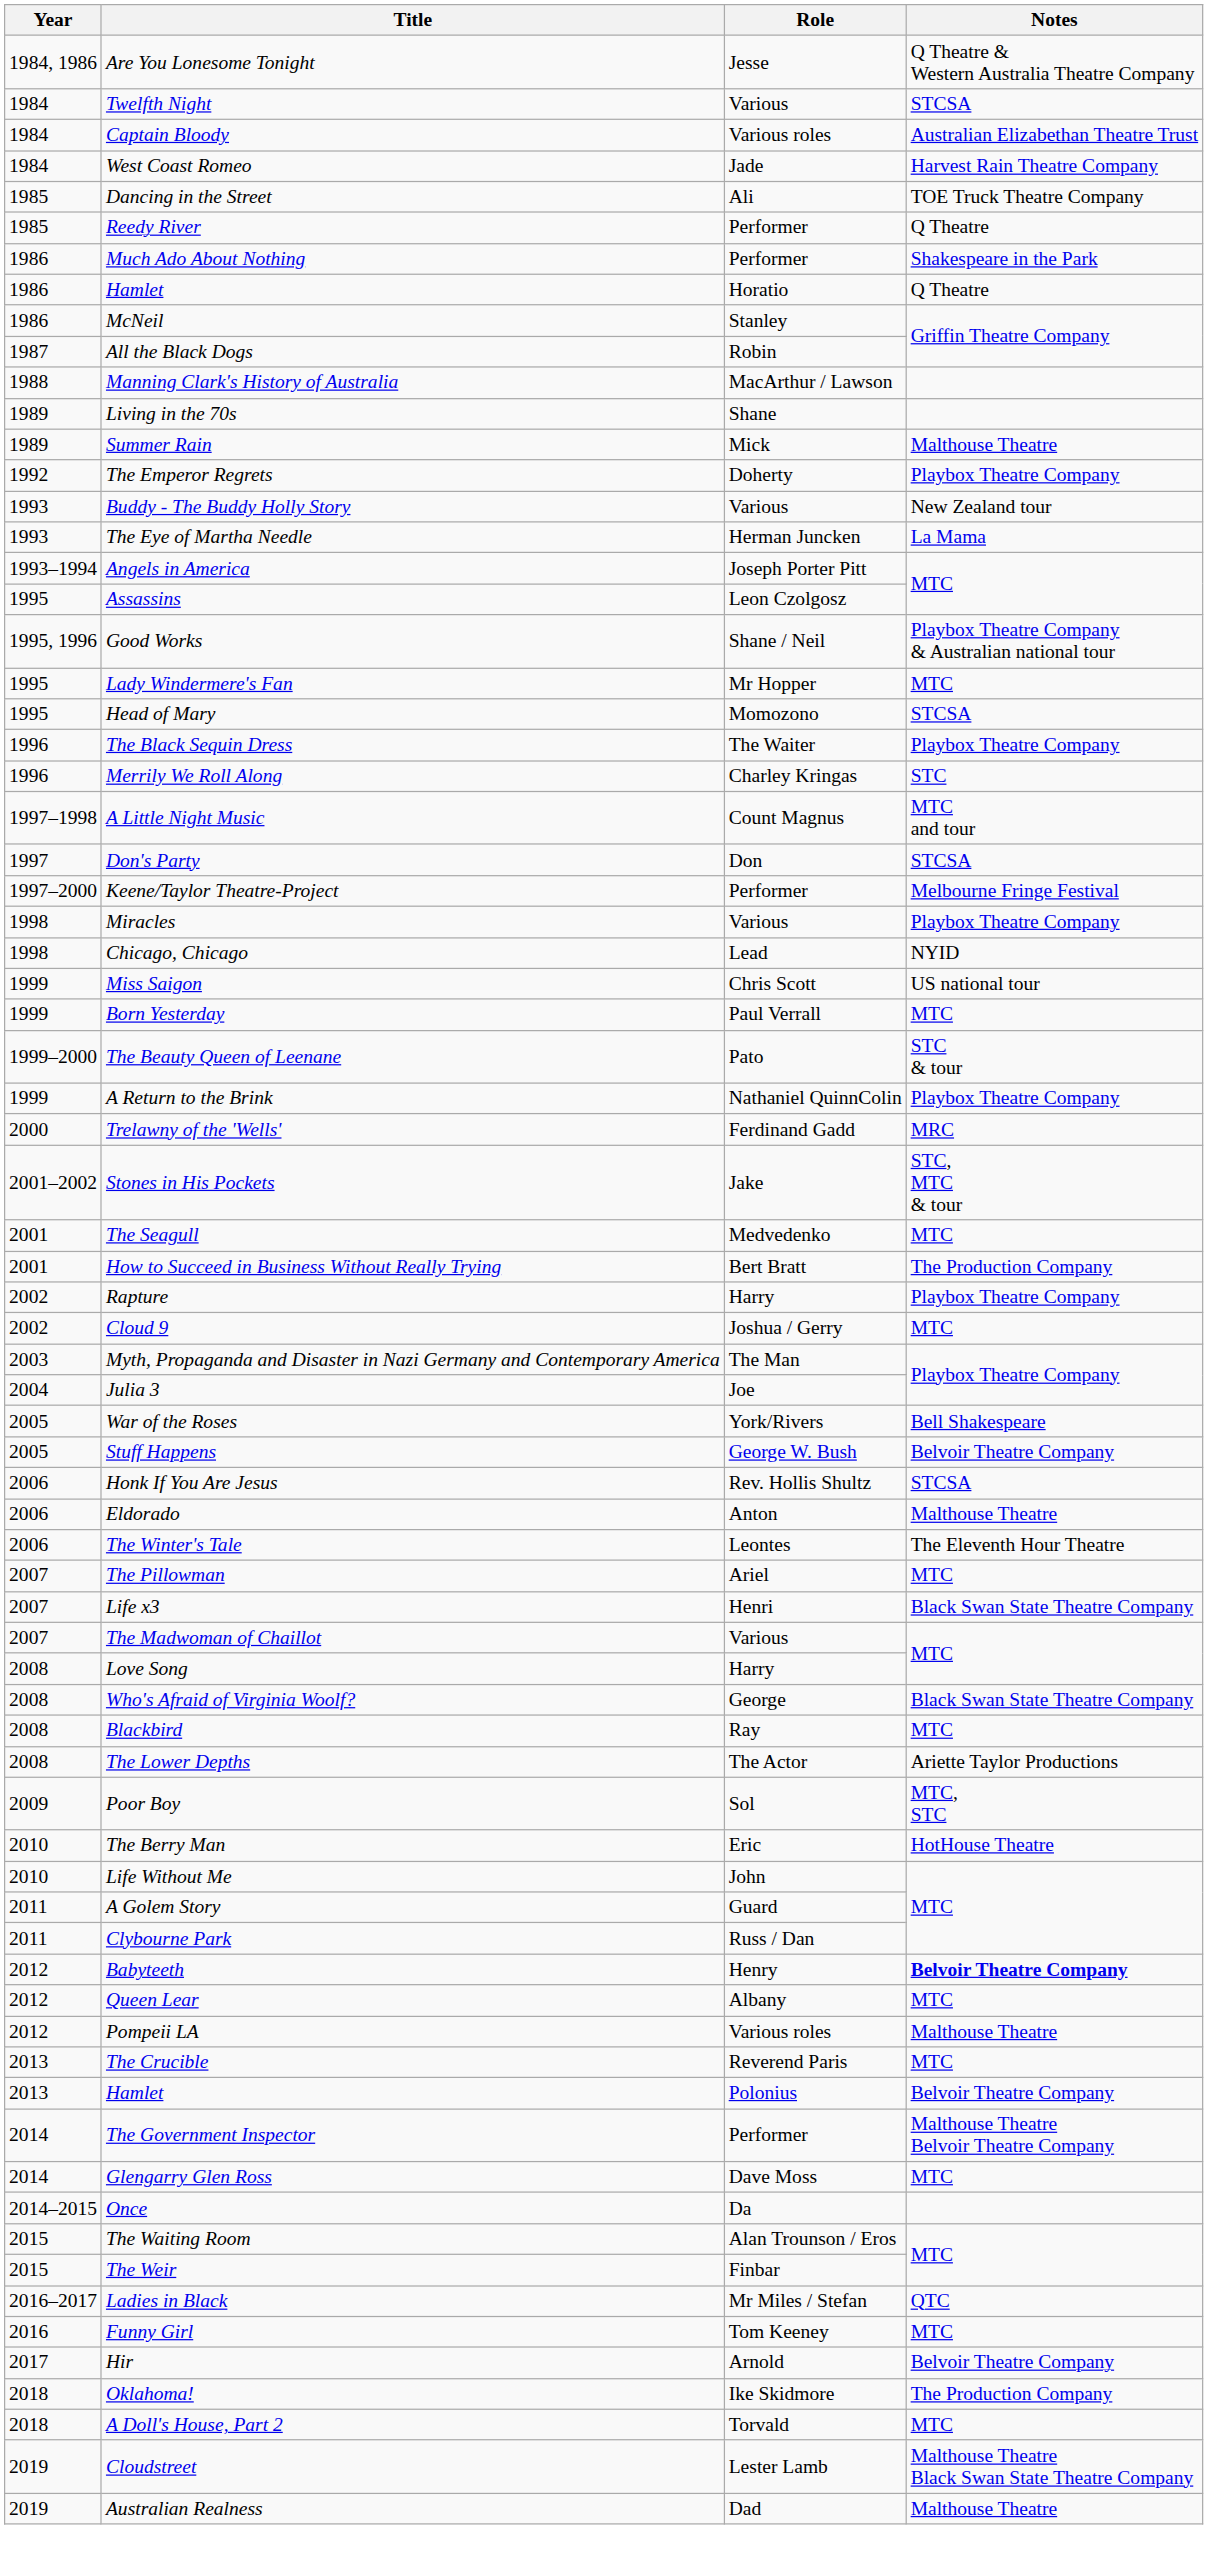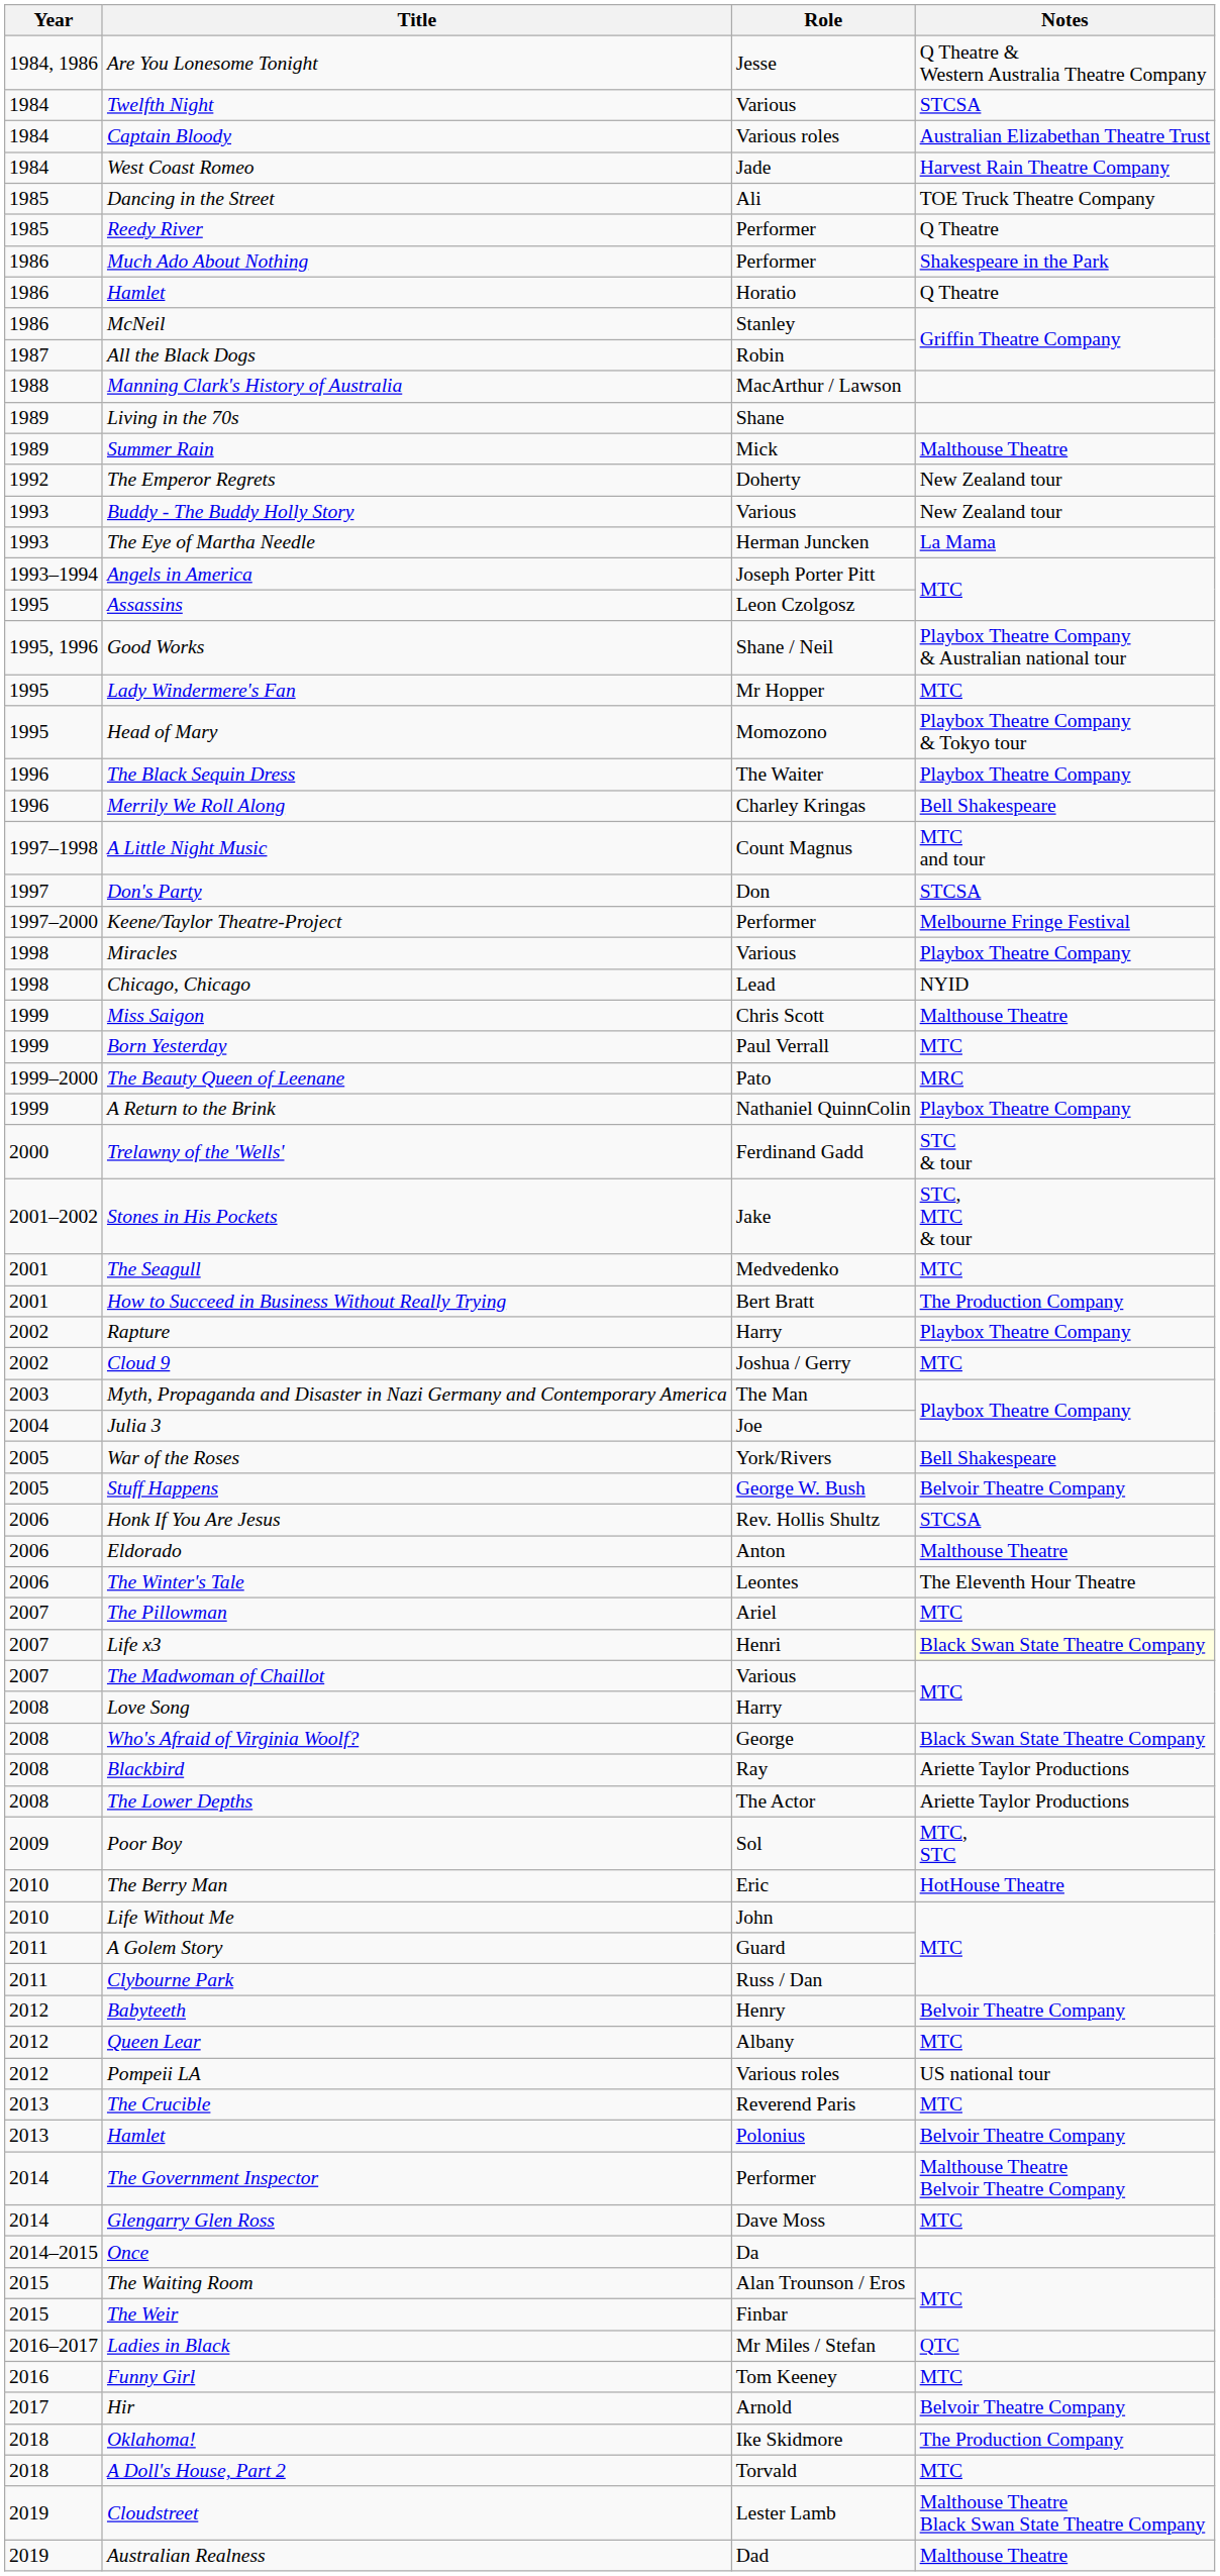 <table class = "wikitable sortable">
 <tr>
 <th>Year</th>
 <th>Title</th>
 <th>Role</th>
 <th>Notes</th>
 </tr>
 <tr>
 <td>1984, 1986</td>
 <td><em>Are You Lonesome Tonight</em></td>
 <td>Jesse</td>
 <td>Q Theatre & <br>Western Australia Theatre Company</td>
 </tr>
 <tr>
 <td>1984</td>
 <td><em><a href='#'>Twelfth Night</a></em></td>
 <td>Various</td>
 <td><a href='#'>STCSA</a></td>
 </tr>
 <tr>
 <td>1984</td>
 <td><em><a href='#'>Captain Bloody</a></em></td>
 <td>Various roles</td>
 <td><a href='#'>Australian Elizabethan Theatre Trust</a></td>
 </tr>
 <tr>
 <td>1984</td>
 <td><em>West Coast Romeo</em></td>
 <td>Jade</td>
 <td><a href='#'>Harvest Rain Theatre Company</a></td>
 </tr>
 <tr>
 <td>1985</td>
 <td><em>Dancing in the Street</em></td>
 <td>Ali</td>
 <td>TOE Truck Theatre Company</td>
 </tr>
 <tr>
 <td>1985</td>
 <td><em><a href='#'>Reedy River</a></em></td>
 <td>Performer</td>
 <td>Q Theatre</td>
 </tr>
 <tr>
 <td>1986</td>
 <td><em><a href='#'>Much Ado About Nothing</a></em></td>
 <td>Performer</td>
 <td><a href='#'>Shakespeare in the Park</a></td>
 </tr>
 <tr>
 <td>1986</td>
 <td><em><a href='#'>Hamlet</a></em></td>
 <td>Horatio</td>
 <td>Q Theatre</td>
 </tr>
 <tr>
 <td>1986</td>
 <td><em>McNeil</em></td>
 <td>Stanley</td>
 <td rowspan="2"><a href='#'>Griffin Theatre Company</a></td>
 </tr>
 <tr>
 <td>1987</td>
 <td><em>All the Black Dogs</em></td>
 <td>Robin</td>
 </tr>
 <tr>
 <td>1988</td>
 <td><em><a href='#'>Manning Clark's History of Australia</a></em></td>
 <td>MacArthur / Lawson</td>
 <td></td>
 </tr>
 <tr>
 <td>1989</td>
 <td><em>Living in the 70s</em></td>
 <td>Shane</td>
 <td></td>
 </tr>
 <tr>
 <td>1989</td>
 <td><em><a href='#'>Summer Rain</a></em></td>
 <td>Mick</td>
 <td><a href='#'>Malthouse Theatre</a></td>
 </tr>
 <tr>
 <td>1992</td>
 <td><em>The Emperor Regrets</em></td>
 <td>Doherty</td>
-<td><a href='#'>Playbox Theatre Company</a></td>
+<td>New Zealand tour</td>
 </tr>
 <tr>
 <td>1993</td>
 <td><em><a href='#'>Buddy - The Buddy Holly Story</a></em></td>
 <td>Various</td>
 <td>New Zealand tour</td>
 </tr>
 <tr>
 <td>1993</td>
 <td><em>The Eye of Martha Needle</em></td>
 <td>Herman Juncken</td>
 <td><a href='#'>La Mama</a></td>
 </tr>
 <tr>
 <td>1993–1994</td>
 <td><em><a href='#'>Angels in America</a></em></td>
 <td>Joseph Porter Pitt</td>
 <td rowspan="2"><a href='#'>MTC</a></td>
 </tr>
 <tr>
 <td>1995</td>
 <td><em><a href='#'>Assassins</a></em></td>
 <td>Leon Czolgosz</td>
 </tr>
 <tr>
 <td>1995, 1996</td>
 <td><em>Good Works</em></td>
 <td>Shane / Neil</td>
 <td><a href='#'>Playbox Theatre Company</a><br>& Australian national tour</td>
 </tr>
 <tr>
 <td>1995</td>
 <td><em><a href='#'>Lady Windermere's Fan</a></em></td>
 <td>Mr Hopper</td>
 <td><a href='#'>MTC</a></td>
 </tr>
 <tr>
 <td>1995</td>
 <td><em>Head of Mary</em></td>
 <td>Momozono</td>
-<td><a href='#'>STCSA</a></td>
+<td><a href='#'>Playbox Theatre Company</a><br>& Tokyo tour</td>
 </tr>
 <tr>
 <td>1996</td>
 <td><em><a href='#'>The Black Sequin Dress</a></em></td>
 <td>The Waiter</td>
 <td><a href='#'>Playbox Theatre Company</a></td>
 </tr>
 <tr>
 <td>1996</td>
 <td><em><a href='#'>Merrily We Roll Along</a></em></td>
 <td>Charley Kringas</td>
-<td><a href='#'>STC</a></td>
+<td><a href='#'>Bell Shakespeare</a></td>
 </tr>
 <tr>
 <td>1997–1998</td>
 <td><em><a href='#'>A Little Night Music</a></em></td>
 <td>Count Magnus</td>
 <td><a href='#'>MTC</a><br>and tour</td>
 </tr>
 <tr>
 <td>1997</td>
 <td><em><a href='#'>Don's Party</a></em></td>
 <td>Don</td>
 <td><a href='#'>STCSA</a></td>
 </tr>
 <tr>
 <td>1997–2000</td>
 <td><em>Keene/Taylor Theatre-Project</em></td>
 <td>Performer</td>
 <td><a href='#'>Melbourne Fringe Festival</a></td>
 </tr>
 <tr>
 <td>1998</td>
 <td><em>Miracles</em></td>
 <td>Various</td>
 <td><a href='#'>Playbox Theatre Company</a></td>
 </tr>
 <tr>
 <td>1998</td>
 <td><em>Chicago, Chicago</em></td>
 <td>Lead</td>
 <td>NYID</td>
 </tr>
 <tr>
 <td>1999</td>
 <td><em><a href='#'>Miss Saigon</a></em></td>
 <td>Chris Scott</td>
-<td>US national tour</td>
+<td><a href='#'>Malthouse Theatre</a></td>
 </tr>
 <tr>
 <td>1999</td>
 <td><em><a href='#'>Born Yesterday</a></em></td>
 <td>Paul Verrall</td>
 <td><a href='#'>MTC</a></td>
 </tr>
 <tr>
 <td>1999–2000</td>
 <td><em><a href='#'>The Beauty Queen of Leenane</a></em></td>
 <td>Pato</td>
-<td><a href='#'>STC</a><br>& tour</td>
+<td><a href='#'>MRC</a></td>
 </tr>
 <tr>
 <td>1999</td>
 <td><em>A Return to the Brink</em></td>
 <td>Nathaniel QuinnColin</td>
 <td><a href='#'>Playbox Theatre Company</a></td>
 </tr>
 <tr>
 <td>2000</td>
 <td><em><a href='#'>Trelawny of the 'Wells'</a></em></td>
 <td>Ferdinand Gadd</td>
-<td><a href='#'>MRC</a></td>
+<td><a href='#'>STC</a><br>& tour</td>
 </tr>
 <tr>
 <td>2001–2002</td>
 <td><em><a href='#'>Stones in His Pockets</a></em></td>
 <td>Jake</td>
 <td><a href='#'>STC</a>,<br><a href='#'>MTC</a><br>& tour</td>
 </tr>
 <tr>
 <td>2001</td>
 <td><em><a href='#'>The Seagull</a></em></td>
 <td>Medvedenko</td>
 <td><a href='#'>MTC</a></td>
 </tr>
 <tr>
 <td>2001</td>
 <td><em><a href='#'>How to Succeed in Business Without Really Trying</a></em></td>
 <td>Bert Bratt</td>
 <td><a href='#'>The Production Company</a></td>
 </tr>
 <tr>
 <td>2002</td>
 <td><em>Rapture</em></td>
 <td>Harry</td>
 <td><a href='#'>Playbox Theatre Company</a></td>
 </tr>
 <tr>
 <td>2002</td>
 <td><em><a href='#'>Cloud 9</a></em></td>
 <td>Joshua / Gerry</td>
 <td><a href='#'>MTC</a></td>
 </tr>
 <tr>
 <td>2003</td>
 <td><em>Myth, Propaganda and Disaster in Nazi Germany and Contemporary America</em></td>
 <td>The Man</td>
 <td rowspan="2'"><a href='#'>Playbox Theatre Company</a></td>
 </tr>
 <tr>
 <td>2004</td>
 <td><em>Julia 3</em></td>
 <td>Joe</td>
 </tr>
 <tr>
 <td>2005</td>
 <td><em>War of the Roses</em></td>
 <td>York/Rivers</td>
 <td><a href='#'>Bell Shakespeare</a></td>
 </tr>
 <tr>
 <td>2005</td>
 <td><em><a href='#'>Stuff Happens</a></em></td>
 <td><a href='#'>George W. Bush</a></td>
 <td><a href='#'>Belvoir Theatre Company</a></td>
 </tr>
 <tr>
 <td>2006</td>
 <td><em>Honk If You Are Jesus</em></td>
 <td>Rev. Hollis Shultz</td>
 <td><a href='#'>STCSA</a></td>
 </tr>
 <tr>
 <td>2006</td>
 <td><em>Eldorado</em></td>
 <td>Anton</td>
 <td><a href='#'>Malthouse Theatre</a></td>
 </tr>
 <tr>
 <td>2006</td>
 <td><em><a href='#'>The Winter's Tale</a></em></td>
 <td>Leontes</td>
 <td>The Eleventh Hour Theatre</td>
 </tr>
 <tr>
 <td>2007</td>
 <td><em><a href='#'>The Pillowman</a></em></td>
 <td>Ariel</td>
 <td><a href='#'>MTC</a></td>
 </tr>
 <tr>
 <td>2007</td>
 <td><em>Life x3</em></td>
 <td>Henri</td>
-<td><a href='#'>Black Swan State Theatre Company</a></td>
+<td style="background: lightyellow;"><a href='#'>Black Swan State Theatre Company</a></td>
 </tr>
 <tr>
 <td>2007</td>
 <td><em><a href='#'>The Madwoman of Chaillot</a></em></td>
 <td>Various</td>
 <td rowspan="2'"><a href='#'>MTC</a></td>
 </tr>
 <tr>
 <td>2008</td>
 <td><em>Love Song</em></td>
 <td>Harry</td>
 </tr>
 <tr>
 <td>2008</td>
 <td><em><a href='#'>Who's Afraid of Virginia Woolf?</a></em></td>
 <td>George</td>
 <td><a href='#'>Black Swan State Theatre Company</a></td>
 </tr>
 <tr>
 <td>2008</td>
 <td><em><a href='#'>Blackbird</a></em></td>
 <td>Ray</td>
-<td><a href='#'>MTC</a></td>
+<td>Ariette Taylor Productions</td>
 </tr>
 <tr>
 <td>2008</td>
 <td><em><a href='#'>The Lower Depths</a></em></td>
 <td>The Actor</td>
 <td>Ariette Taylor Productions</td>
 </tr>
 <tr>
 <td>2009</td>
 <td><em>Poor Boy</em></td>
 <td>Sol</td>
 <td><a href='#'>MTC</a>,<br><a href='#'>STC</a></td>
 </tr>
 <tr>
 <td>2010</td>
 <td><em>The Berry Man</em></td>
 <td>Eric</td>
 <td><a href='#'>HotHouse Theatre</a></td>
 </tr>
 <tr>
 <td>2010</td>
 <td><em>Life Without Me</em></td>
 <td>John</td>
 <td rowspan="3"><a href='#'>MTC</a></td>
 </tr>
 <tr>
 <td>2011</td>
 <td><em>A Golem Story</em></td>
 <td>Guard</td>
 </tr>
 <tr>
 <td>2011</td>
 <td><em><a href='#'>Clybourne Park</a></em></td>
 <td>Russ / Dan</td>
 </tr>
 <tr>
 <td>2012</td>
 <td><em><a href='#'>Babyteeth</a></em></td>
 <td>Henry</td>
-<td><strong><a href='#'>Belvoir Theatre Company</a></strong></td>
+<td><a href='#'>Belvoir Theatre Company</a></td>
 </tr>
 <tr>
 <td>2012</td>
 <td><em><a href='#'>Queen Lear</a></em></td>
 <td>Albany</td>
 <td><a href='#'>MTC</a></td>
 </tr>
 <tr>
 <td>2012</td>
 <td><em>Pompeii LA</em></td>
 <td>Various roles</td>
-<td><a href='#'>Malthouse Theatre</a></td>
+<td>US national tour</td>
 </tr>
 <tr>
 <td>2013</td>
 <td><em><a href='#'>The Crucible</a></em></td>
 <td>Reverend Paris</td>
 <td><a href='#'>MTC</a></td>
 </tr>
 <tr>
 <td>2013</td>
 <td><em><a href='#'>Hamlet</a></em></td>
 <td><a href='#'>Polonius</a></td>
 <td><a href='#'>Belvoir Theatre Company</a></td>
 </tr>
 <tr>
 <td>2014</td>
 <td><em><a href='#'>The Government Inspector</a></em></td>
 <td>Performer</td>
 <td><a href='#'>Malthouse Theatre</a><br><a href='#'>Belvoir Theatre Company</a></td>
 </tr>
 <tr>
 <td>2014</td>
 <td><em><a href='#'>Glengarry Glen Ross</a></em></td>
 <td>Dave Moss</td>
 <td><a href='#'>MTC</a></td>
 </tr>
 <tr>
 <td>2014–2015</td>
 <td><em><a href='#'>Once</a></em></td>
 <td>Da</td>
 <td></td>
 </tr>
 <tr>
 <td>2015</td>
 <td><em>The Waiting Room</em></td>
 <td>Alan Trounson / Eros</td>
 <td rowspan="2"><a href='#'>MTC</a></td>
 </tr>
 <tr>
 <td>2015</td>
 <td><em><a href='#'>The Weir</a></em></td>
 <td>Finbar</td>
 </tr>
 <tr>
 <td>2016–2017</td>
 <td><em><a href='#'>Ladies in Black</a></em></td>
 <td>Mr Miles / Stefan</td>
 <td><a href='#'>QTC</a></td>
 </tr>
 <tr>
 <td>2016</td>
 <td><em><a href='#'>Funny Girl</a></em></td>
 <td>Tom Keeney</td>
 <td><a href='#'>MTC</a></td>
 </tr>
 <tr>
 <td>2017</td>
 <td><em>Hir</em></td>
 <td>Arnold</td>
 <td><a href='#'>Belvoir Theatre Company</a></td>
 </tr>
 <tr>
 <td>2018</td>
 <td><em><a href='#'>Oklahoma!</a></em></td>
 <td>Ike Skidmore</td>
 <td><a href='#'>The Production Company</a></td>
 </tr>
 <tr>
 <td>2018</td>
 <td><em><a href='#'>A Doll's House, Part 2</a></em></td>
 <td>Torvald</td>
 <td><a href='#'>MTC</a></td>
 </tr>
 <tr>
 <td>2019</td>
 <td><em><a href='#'>Cloudstreet</a></em></td>
 <td>Lester Lamb</td>
 <td><a href='#'>Malthouse Theatre</a><br><a href='#'>Black Swan State Theatre Company</a></td>
 </tr>
 <tr>
 <td>2019</td>
 <td><em>Australian Realness</em></td>
 <td>Dad</td>
 <td><a href='#'>Malthouse Theatre</a></td>
 </tr>
 </table>
